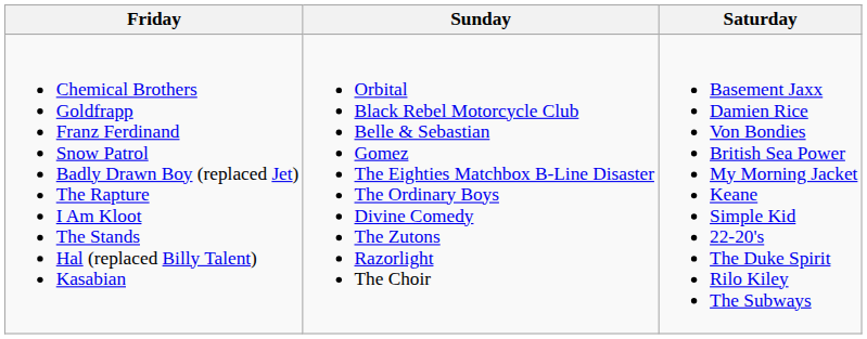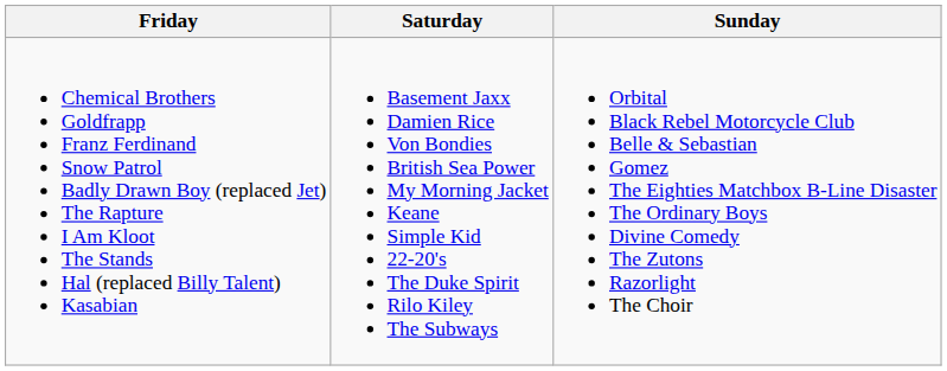 <table class="wikitable">
 <tr>
 <th>Friday</th>
+<th>Saturday</th>
 <th>Sunday</th>
-<th>Saturday</th>
 </tr>
 <tr valign="top">
 <td><br><ul><li><a href='#'>Chemical Brothers</a></li><li><a href='#'>Goldfrapp</a></li><li><a href='#'>Franz Ferdinand</a></li><li><a href='#'>Snow Patrol</a></li><li><a href='#'>Badly Drawn Boy</a> (replaced <a href='#'>Jet</a>)</li><li><a href='#'>The Rapture</a></li><li><a href='#'>I Am Kloot</a></li><li><a href='#'>The Stands</a></li><li><a href='#'>Hal</a> (replaced <a href='#'>Billy Talent</a>)</li><li><a href='#'>Kasabian</a></li></ul></td>
+<td><br><ul><li><a href='#'>Basement Jaxx</a></li><li><a href='#'>Damien Rice</a></li><li><a href='#'>Von Bondies</a></li><li><a href='#'>British Sea Power</a></li><li><a href='#'>My Morning Jacket</a></li><li><a href='#'>Keane</a></li><li><a href='#'>Simple Kid</a></li><li><a href='#'>22-20's</a></li><li><a href='#'>The Duke Spirit</a></li><li><a href='#'>Rilo Kiley</a></li><li><a href='#'>The Subways</a></li></ul></td>
 <td><br><ul><li><a href='#'>Orbital</a></li><li><a href='#'>Black Rebel Motorcycle Club</a></li><li><a href='#'>Belle & Sebastian</a></li><li><a href='#'>Gomez</a></li><li><a href='#'>The Eighties Matchbox B-Line Disaster</a></li><li><a href='#'>The Ordinary Boys</a></li><li><a href='#'>Divine Comedy</a></li><li><a href='#'>The Zutons</a></li><li><a href='#'>Razorlight</a></li><li>The Choir</li></ul></td>
-<td><br><ul><li><a href='#'>Basement Jaxx</a></li><li><a href='#'>Damien Rice</a></li><li><a href='#'>Von Bondies</a></li><li><a href='#'>British Sea Power</a></li><li><a href='#'>My Morning Jacket</a></li><li><a href='#'>Keane</a></li><li><a href='#'>Simple Kid</a></li><li><a href='#'>22-20's</a></li><li><a href='#'>The Duke Spirit</a></li><li><a href='#'>Rilo Kiley</a></li><li><a href='#'>The Subways</a></li></ul></td>
 </tr>
 </table>
